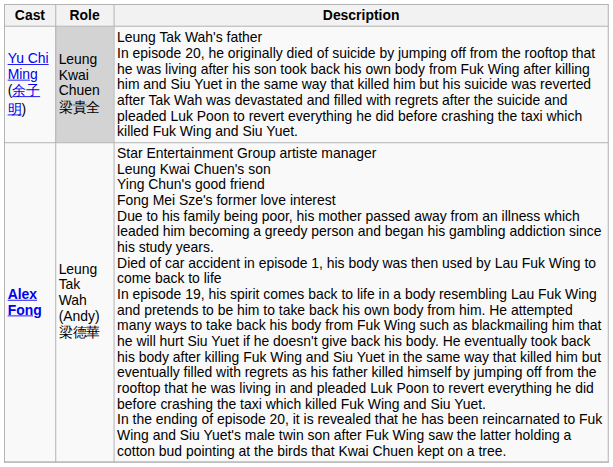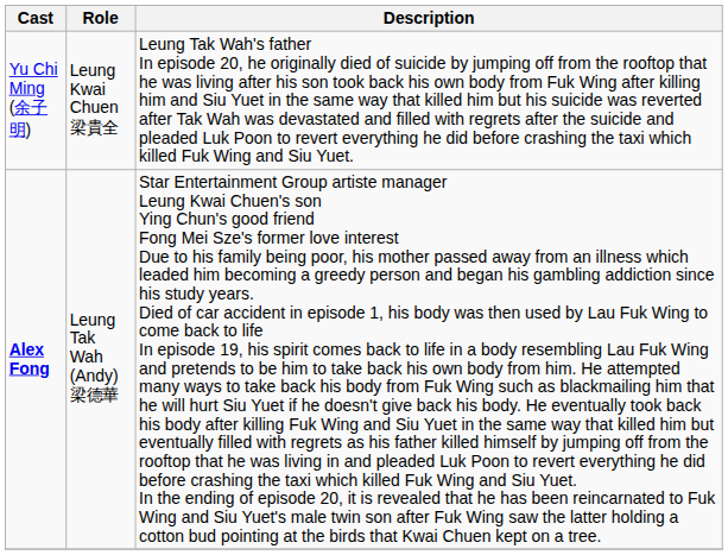 <table class="wikitable" width="55%">
 <tr>
 <th>Cast</th>
 <th>Role</th>
 <th>Description</th>
 </tr>
 <tr>
 <td><a href='#'>Yu Chi Ming</a> (<a href='#'>余子明</a>)</td>
-<td style="background: lightgrey;">Leung Kwai Chuen<br>梁貴全</td>
+<td>Leung Kwai Chuen<br>梁貴全</td>
 <td>Leung Tak Wah's father<br>In episode 20, he originally died of suicide by jumping off from the rooftop that he was living after his son took back his own body from Fuk Wing after killing him and Siu Yuet in the same way that killed him but his suicide was reverted after Tak Wah was devastated and filled with regrets after the suicide and pleaded Luk Poon to revert everything he did before crashing the taxi which killed Fuk Wing and Siu Yuet.</td>
 </tr>
 <tr>
 <td><strong><a href='#'>Alex Fong</a></strong></td>
 <td>Leung Tak Wah (Andy)<br>梁德華</td>
 <td>Star Entertainment Group artiste manager<br>Leung Kwai Chuen's son<br>Ying Chun's good friend<br>Fong Mei Sze's former love interest<br>Due to his family being poor, his mother passed away from an illness which leaded him becoming a greedy person and began his gambling addiction since his study years.<br>Died of car accident in episode 1, his body was then used by Lau Fuk Wing to come back to life<br>In episode 19, his spirit comes back to life in a body resembling Lau Fuk Wing and pretends to be him to take back his own body from him. He attempted many ways to take back his body from Fuk Wing such as blackmailing him that he will hurt Siu Yuet if he doesn't give back his body. He eventually took back his body after killing Fuk Wing and Siu Yuet in the same way that killed him but eventually filled with regrets as his father killed himself by jumping off from the rooftop that he was living in and pleaded Luk Poon to revert everything he did before crashing the taxi which killed Fuk Wing and Siu Yuet.<br>In the ending of episode 20, it is revealed that he has been reincarnated to Fuk Wing and Siu Yuet's male twin son after Fuk Wing saw the latter holding a cotton bud pointing at the birds that Kwai Chuen kept on a tree.</td>
 </tr>
 <tr>
 </tr>
 </table>
